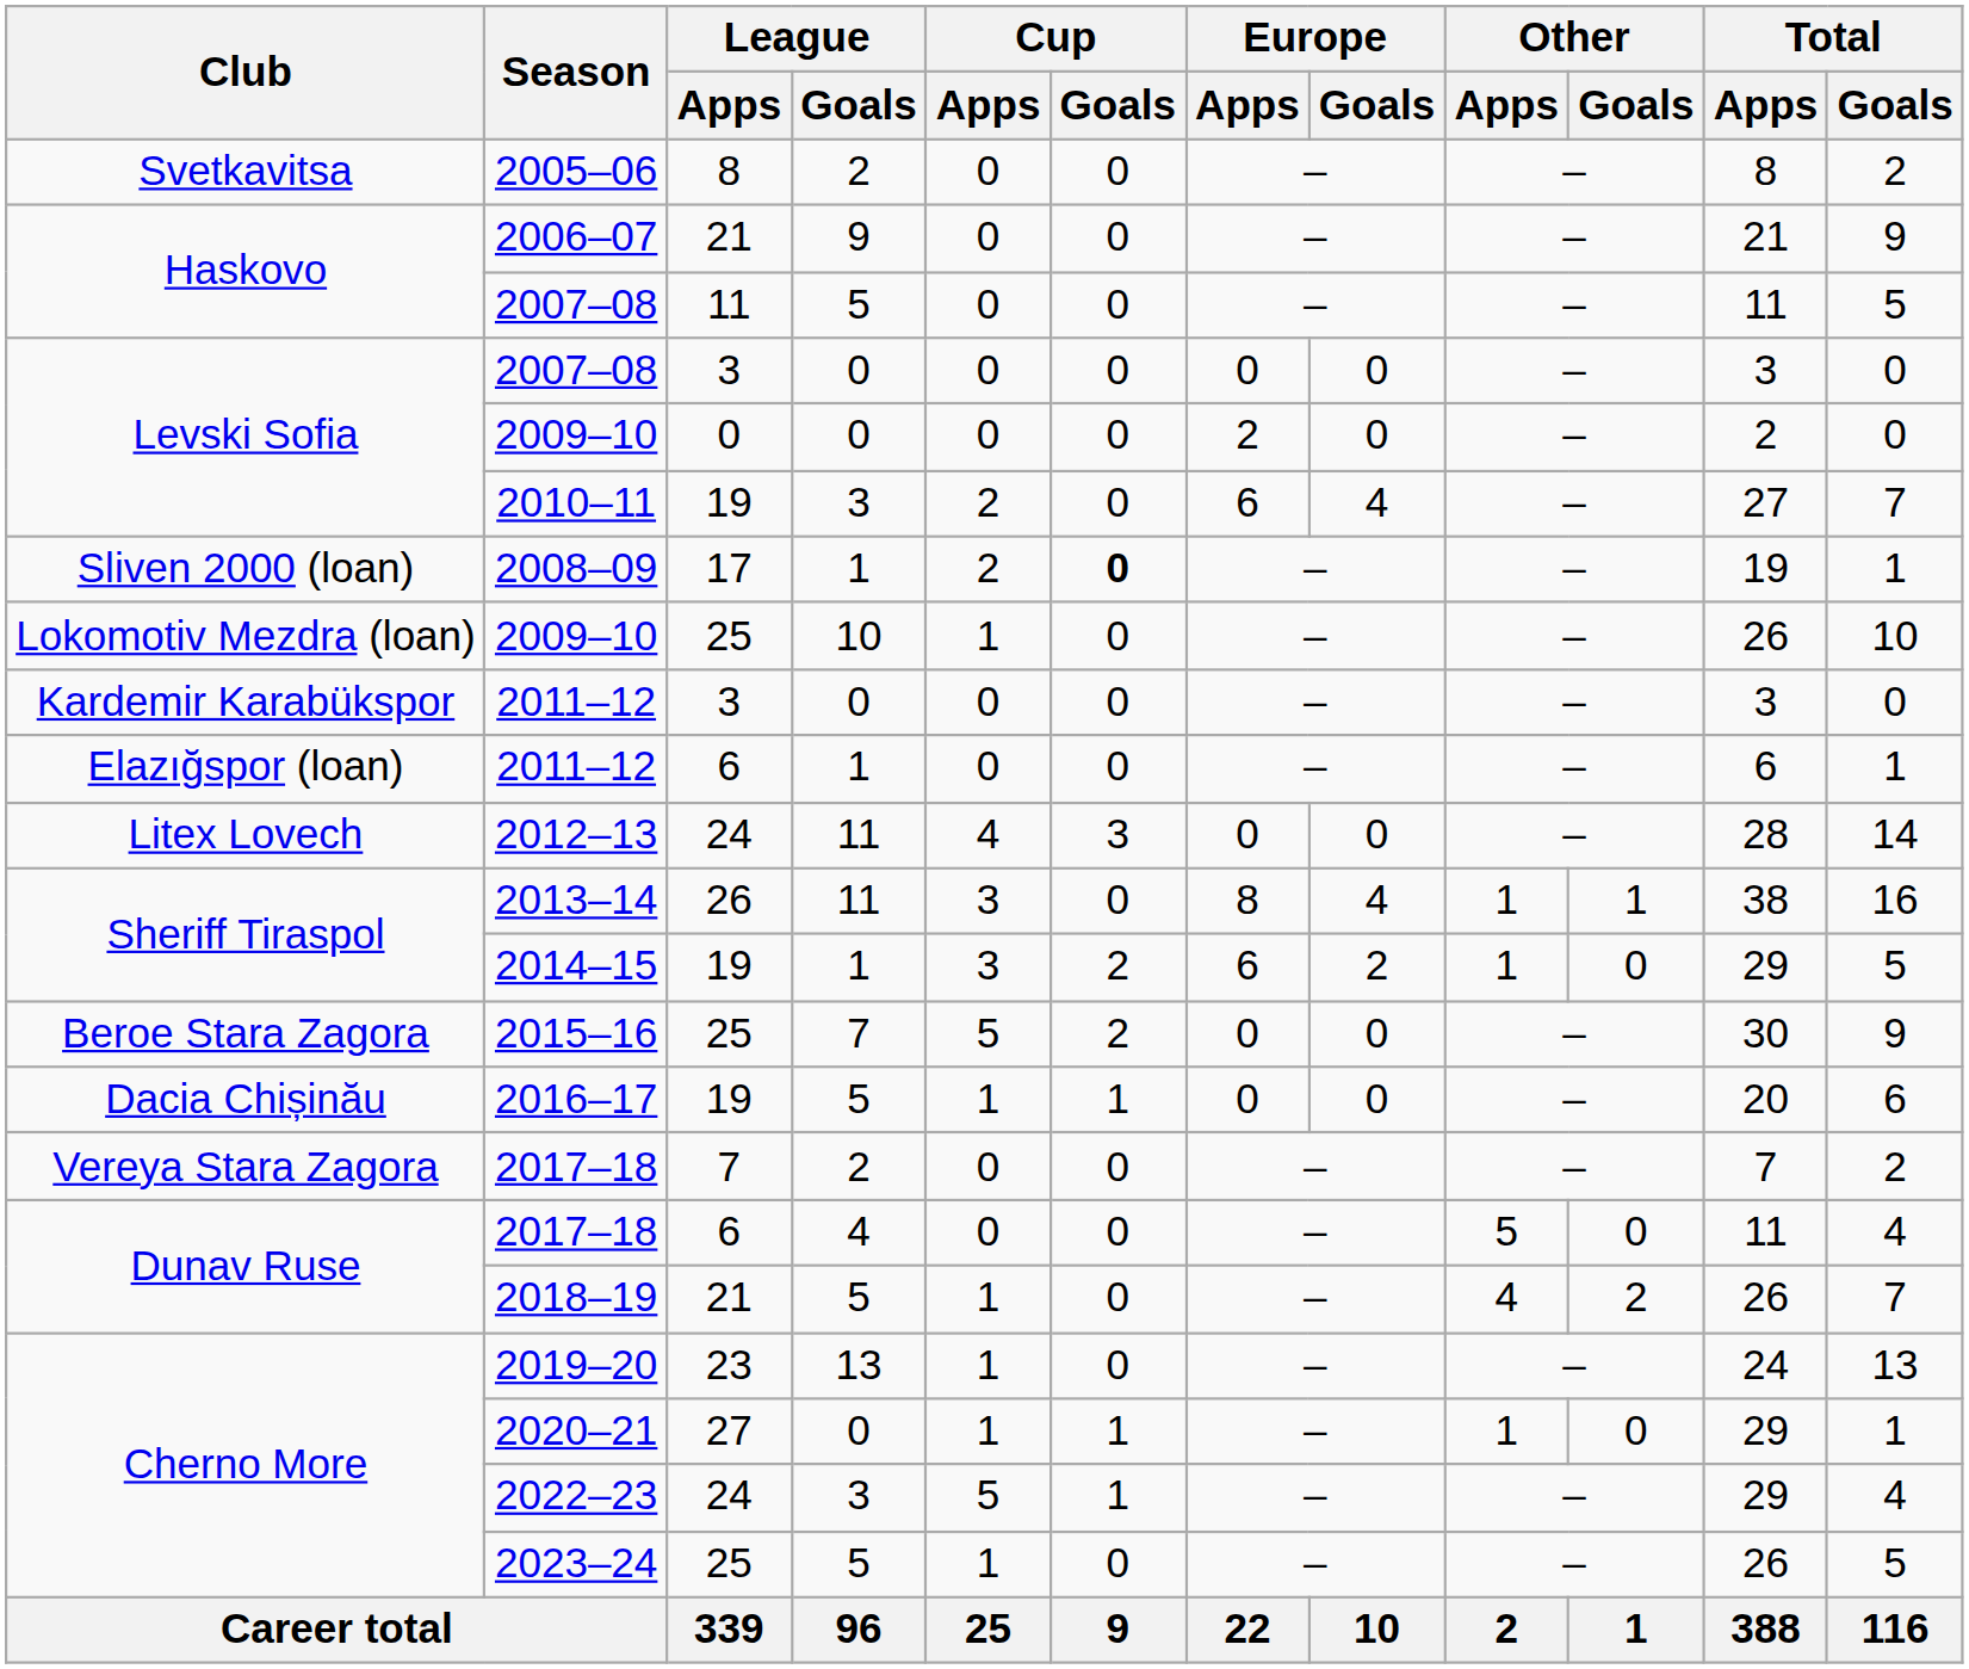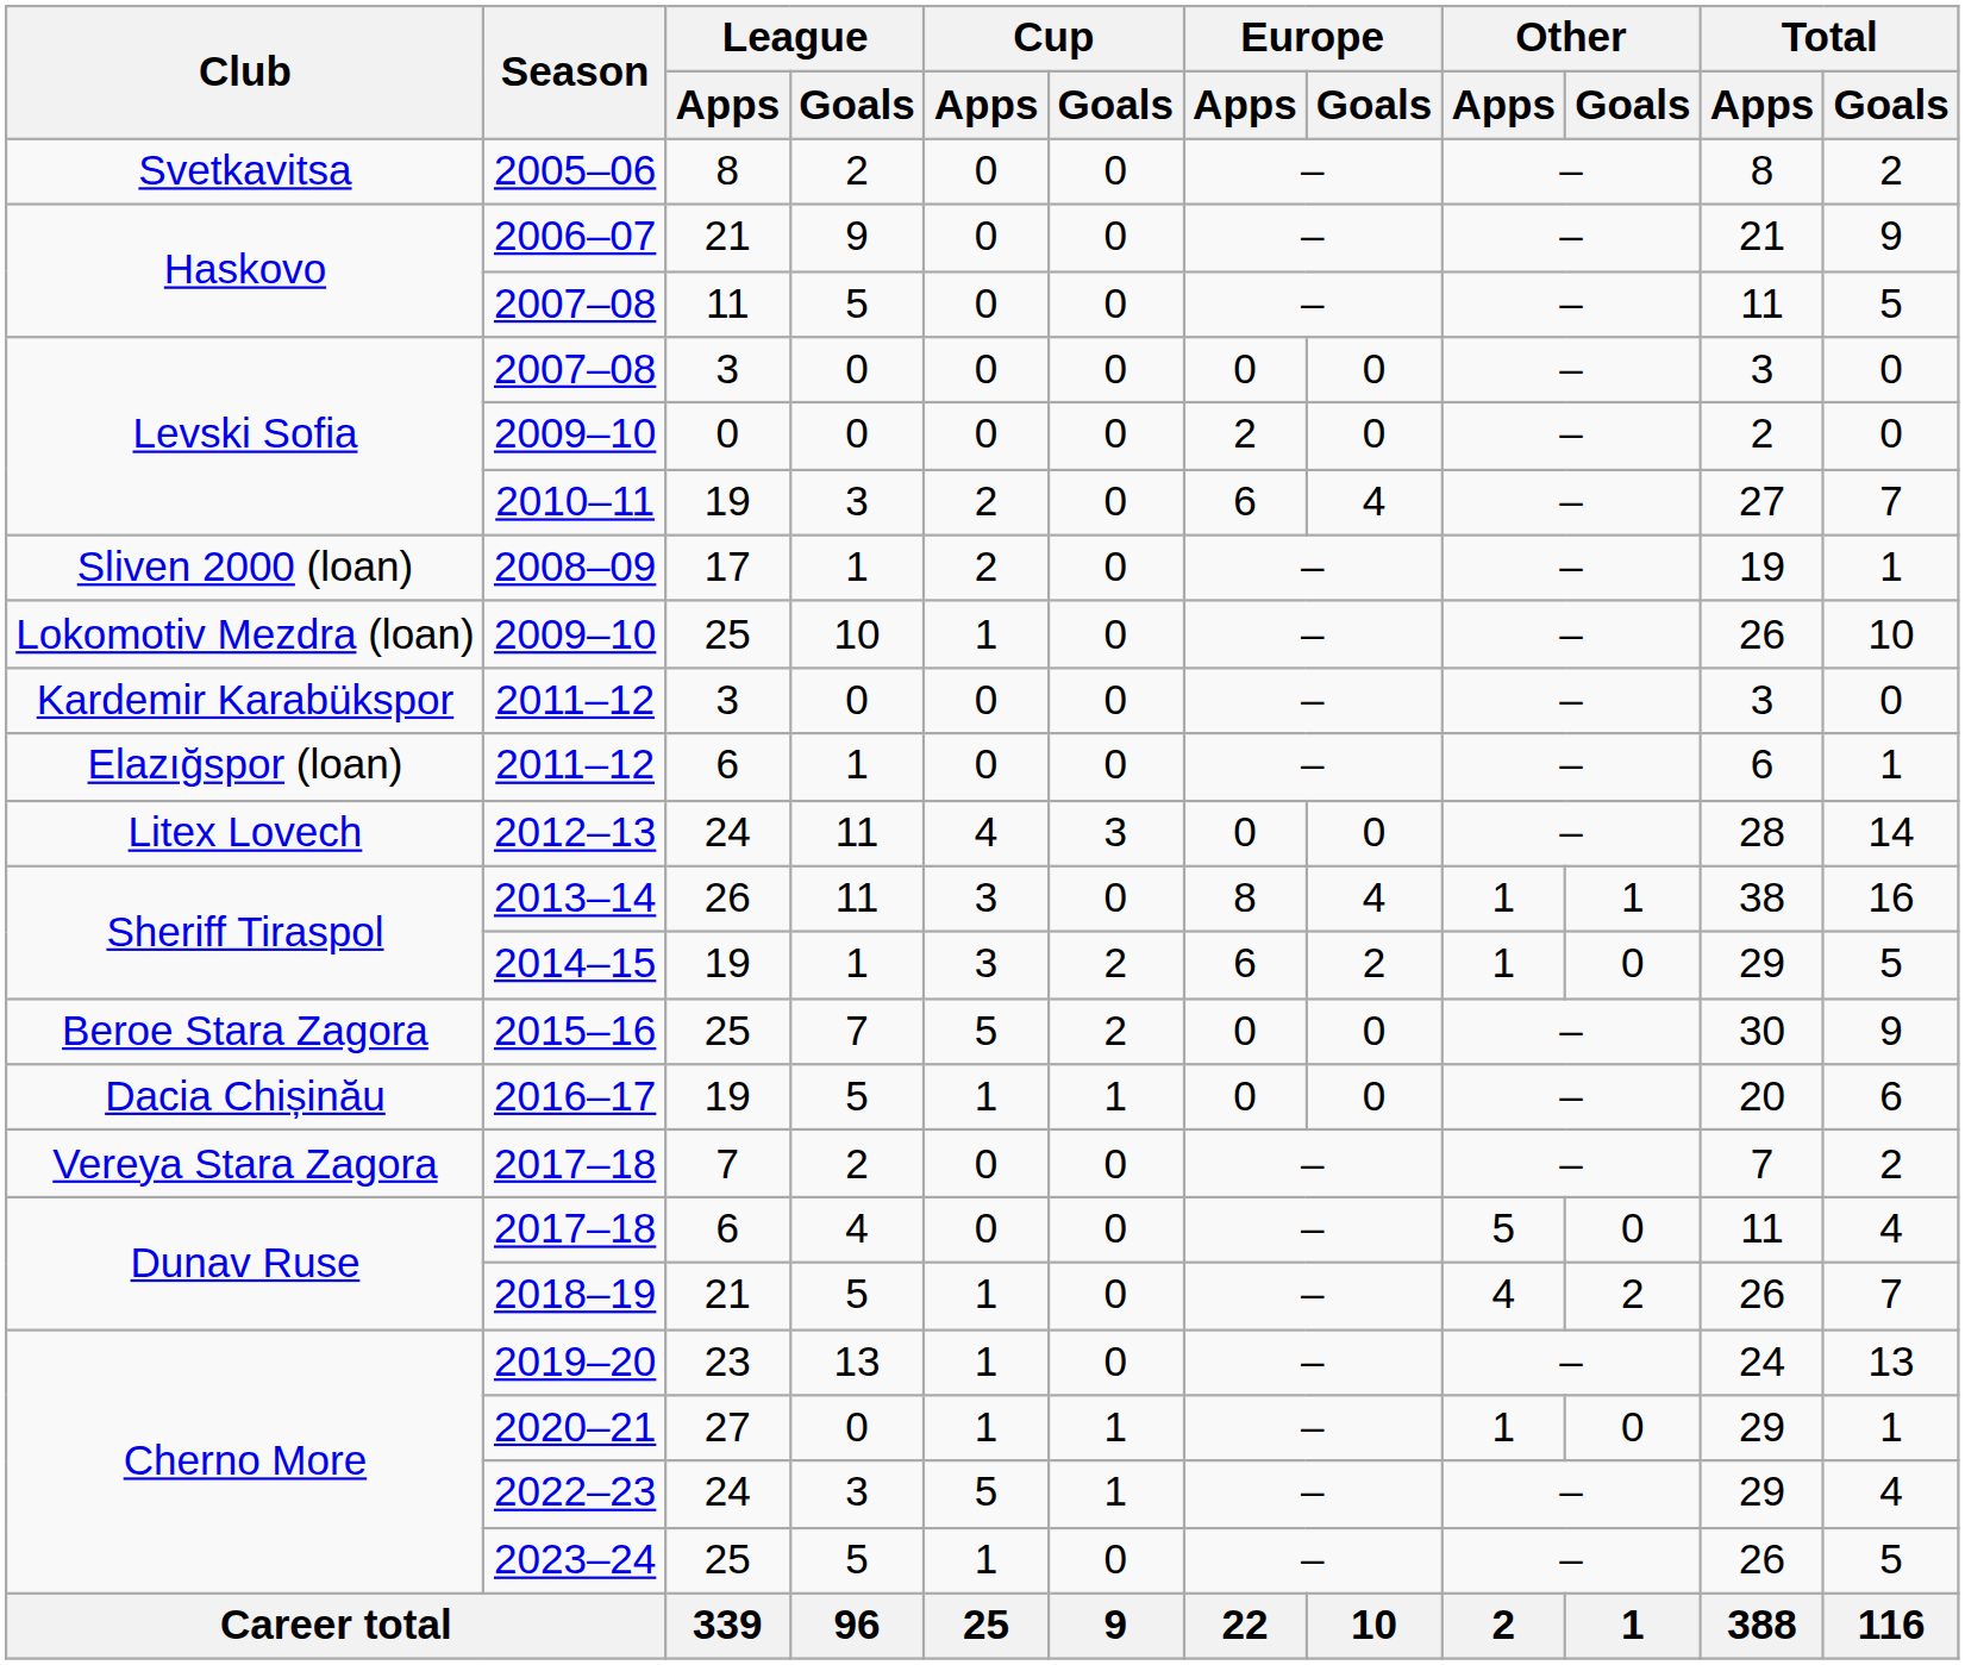 <table class="wikitable" style="text-align:center">
 <tr>
 <th rowspan="2">Club</th>
 <th rowspan="2">Season</th>
 <th colspan="2">League</th>
 <th colspan="2">Cup</th>
 <th colspan="2">Europe</th>
 <th colspan="2">Other</th>
 <th colspan="2">Total</th>
 </tr>
 <tr>
 <th>Apps</th>
 <th>Goals</th>
 <th>Apps</th>
 <th>Goals</th>
 <th>Apps</th>
 <th>Goals</th>
 <th>Apps</th>
 <th>Goals</th>
 <th>Apps</th>
 <th>Goals</th>
 </tr>
 <tr>
 <td><a href='#'>Svetkavitsa</a></td>
 <td><a href='#'>2005–06</a></td>
 <td>8</td>
 <td>2</td>
 <td>0</td>
 <td>0</td>
 <td colspan="2">–</td>
 <td colspan="2">–</td>
 <td>8</td>
 <td>2</td>
 </tr>
 <tr>
 <td rowspan="2"><a href='#'>Haskovo</a></td>
 <td><a href='#'>2006–07</a></td>
 <td>21</td>
 <td>9</td>
 <td>0</td>
 <td>0</td>
 <td colspan="2">–</td>
 <td colspan="2">–</td>
 <td>21</td>
 <td>9</td>
 </tr>
 <tr>
 <td><a href='#'>2007–08</a></td>
 <td>11</td>
 <td>5</td>
 <td>0</td>
 <td>0</td>
 <td colspan="2">–</td>
 <td colspan="2">–</td>
 <td>11</td>
 <td>5</td>
 </tr>
 <tr>
 <td rowspan="3"><a href='#'>Levski Sofia</a></td>
 <td><a href='#'>2007–08</a></td>
 <td>3</td>
 <td>0</td>
 <td>0</td>
 <td>0</td>
 <td>0</td>
 <td>0</td>
 <td colspan="2">–</td>
 <td>3</td>
 <td>0</td>
 </tr>
 <tr>
 <td><a href='#'>2009–10</a></td>
 <td>0</td>
 <td>0</td>
 <td>0</td>
 <td>0</td>
 <td>2</td>
 <td>0</td>
 <td colspan="2">–</td>
 <td>2</td>
 <td>0</td>
 </tr>
 <tr>
 <td><a href='#'>2010–11</a></td>
 <td>19</td>
 <td>3</td>
 <td>2</td>
 <td>0</td>
 <td>6</td>
 <td>4</td>
 <td colspan="2">–</td>
 <td>27</td>
 <td>7</td>
 </tr>
 <tr>
 <td><a href='#'>Sliven 2000</a> (loan)</td>
 <td><a href='#'>2008–09</a></td>
 <td>17</td>
 <td>1</td>
 <td>2</td>
-<td><strong>0</strong></td>
+<td>0</td>
 <td colspan="2">–</td>
 <td colspan="2">–</td>
 <td>19</td>
 <td>1</td>
 </tr>
 <tr>
 <td><a href='#'>Lokomotiv Mezdra</a> (loan)</td>
 <td><a href='#'>2009–10</a></td>
 <td>25</td>
 <td>10</td>
 <td>1</td>
 <td>0</td>
 <td colspan="2">–</td>
 <td colspan="2">–</td>
 <td>26</td>
 <td>10</td>
 </tr>
 <tr>
 <td><a href='#'>Kardemir Karabükspor</a></td>
 <td><a href='#'>2011–12</a></td>
 <td>3</td>
 <td>0</td>
 <td>0</td>
 <td>0</td>
 <td colspan="2">–</td>
 <td colspan="2">–</td>
 <td>3</td>
 <td>0</td>
 </tr>
 <tr>
 <td><a href='#'>Elazığspor</a> (loan)</td>
 <td><a href='#'>2011–12</a></td>
 <td>6</td>
 <td>1</td>
 <td>0</td>
 <td>0</td>
 <td colspan="2">–</td>
 <td colspan="2">–</td>
 <td>6</td>
 <td>1</td>
 </tr>
 <tr>
 <td><a href='#'>Litex Lovech</a></td>
 <td><a href='#'>2012–13</a></td>
 <td>24</td>
 <td>11</td>
 <td>4</td>
 <td>3</td>
 <td>0</td>
 <td>0</td>
 <td colspan="2">–</td>
 <td>28</td>
 <td>14</td>
 </tr>
 <tr>
 <td rowspan="2"><a href='#'>Sheriff Tiraspol</a></td>
 <td><a href='#'>2013–14</a></td>
 <td>26</td>
 <td>11</td>
 <td>3</td>
 <td>0</td>
 <td>8</td>
 <td>4</td>
 <td>1</td>
 <td>1</td>
 <td>38</td>
 <td>16</td>
 </tr>
 <tr>
 <td><a href='#'>2014–15</a></td>
 <td>19</td>
 <td>1</td>
 <td>3</td>
 <td>2</td>
 <td>6</td>
 <td>2</td>
 <td>1</td>
 <td>0</td>
 <td>29</td>
 <td>5</td>
 </tr>
 <tr>
 <td><a href='#'>Beroe Stara Zagora</a></td>
 <td><a href='#'>2015–16</a></td>
 <td>25</td>
 <td>7</td>
 <td>5</td>
 <td>2</td>
 <td>0</td>
 <td>0</td>
 <td colspan="2">–</td>
 <td>30</td>
 <td>9</td>
 </tr>
 <tr>
 <td><a href='#'>Dacia Chișinău</a></td>
 <td><a href='#'>2016–17</a></td>
 <td>19</td>
 <td>5</td>
 <td>1</td>
 <td>1</td>
 <td>0</td>
 <td>0</td>
 <td colspan="2">–</td>
 <td>20</td>
 <td>6</td>
 </tr>
 <tr>
 <td><a href='#'>Vereya Stara Zagora</a></td>
 <td><a href='#'>2017–18</a></td>
 <td>7</td>
 <td>2</td>
 <td>0</td>
 <td>0</td>
 <td colspan="2">–</td>
 <td colspan="2">–</td>
 <td>7</td>
 <td>2</td>
 </tr>
 <tr>
 <td rowspan="2"><a href='#'>Dunav Ruse</a></td>
 <td><a href='#'>2017–18</a></td>
 <td>6</td>
 <td>4</td>
 <td>0</td>
 <td>0</td>
 <td colspan="2">–</td>
 <td>5</td>
 <td>0</td>
 <td>11</td>
 <td>4</td>
 </tr>
 <tr>
 <td><a href='#'>2018–19</a></td>
 <td>21</td>
 <td>5</td>
 <td>1</td>
 <td>0</td>
 <td colspan="2">–</td>
 <td>4</td>
 <td>2</td>
 <td>26</td>
 <td>7</td>
 </tr>
 <tr>
 <td rowspan="4"><a href='#'>Cherno More</a></td>
 <td><a href='#'>2019–20</a></td>
 <td>23</td>
 <td>13</td>
 <td>1</td>
 <td>0</td>
 <td colspan="2">–</td>
 <td colspan="2">–</td>
 <td>24</td>
 <td>13</td>
 </tr>
 <tr>
 <td><a href='#'>2020–21</a></td>
 <td>27</td>
 <td>0</td>
 <td>1</td>
 <td>1</td>
 <td colspan="2">–</td>
 <td>1</td>
 <td>0</td>
 <td>29</td>
 <td>1</td>
 </tr>
 <tr>
 <td><a href='#'>2022–23</a></td>
 <td>24</td>
 <td>3</td>
 <td>5</td>
 <td>1</td>
 <td colspan="2">–</td>
 <td colspan="2">–</td>
 <td>29</td>
 <td>4</td>
 </tr>
 <tr>
 <td><a href='#'>2023–24</a></td>
 <td>25</td>
 <td>5</td>
 <td>1</td>
 <td>0</td>
 <td colspan="2">–</td>
 <td colspan="2">–</td>
 <td>26</td>
 <td>5</td>
 </tr>
 <tr>
 <th colspan="2">Career total</th>
 <th>339</th>
 <th>96</th>
 <th>25</th>
 <th>9</th>
 <th>22</th>
 <th>10</th>
 <th>2</th>
 <th>1</th>
 <th>388</th>
 <th>116</th>
 </tr>
 </table>
